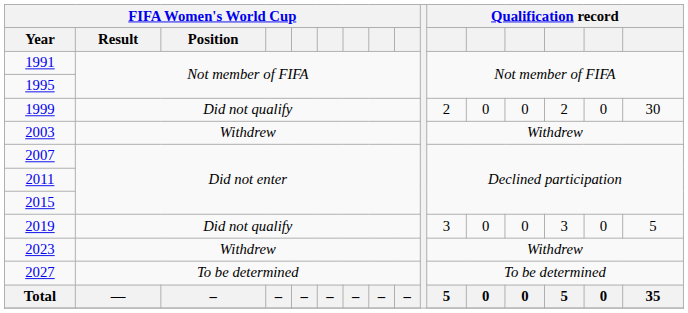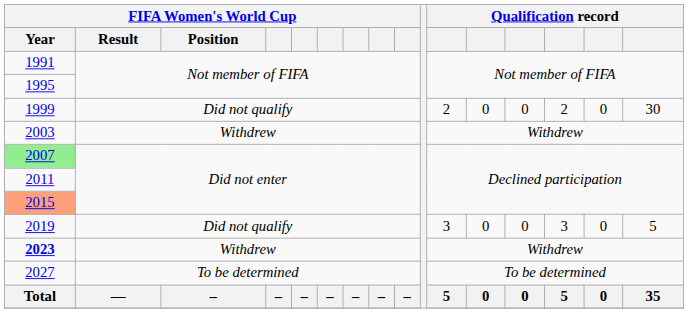 <table class="wikitable" style="text-align:center;">
 <tr>
 <th colspan="9"><a href='#'>FIFA Women's World Cup</a></th>
 <th width=1% rowspan=26></th>
 <th colspan="6"><a href='#'>Qualification</a> record</th>
 </tr>
 <tr>
 <th>Year</th>
 <th>Result</th>
 <th>Position</th>
 <th></th>
 <th></th>
 <th></th>
 <th></th>
 <th></th>
 <th></th>
 <th></th>
 <th></th>
 <th></th>
 <th></th>
 <th></th>
 <th></th>
 </tr>
 <tr>
 <td> <a href='#'>1991</a></td>
 <td rowspan="2" colspan="8"><em>Not member of FIFA</em></td>
 <td rowspan="2" colspan="6"><em>Not member of FIFA</em></td>
 </tr>
 <tr>
 <td> <a href='#'>1995</a></td>
 </tr>
 <tr>
 <td> <a href='#'>1999</a></td>
 <td colspan="8"><em>Did not qualify</em></td>
 <td>2</td>
 <td>0</td>
 <td>0</td>
 <td>2</td>
 <td>0</td>
 <td>30</td>
 </tr>
 <tr>
 <td> <a href='#'>2003</a></td>
 <td colspan="8"><em>Withdrew</em></td>
 <td colspan=6><em>Withdrew</em></td>
 </tr>
 <tr>
-<td> <a href='#'>2007</a></td>
+<td style="background: lightgreen;"> <a href='#'>2007</a></td>
 <td rowspan="3" colspan="8"><em>Did not enter</em></td>
 <td rowspan="3" colspan="6"><em>Declined participation</em></td>
 </tr>
 <tr>
 <td> <a href='#'>2011</a></td>
 </tr>
 <tr>
-<td> <a href='#'>2015</a></td>
+<td style="background: lightsalmon;"> <a href='#'>2015</a></td>
 </tr>
 <tr>
 <td> <a href='#'>2019</a></td>
 <td colspan="8"><em>Did not qualify</em></td>
 <td>3</td>
 <td>0</td>
 <td>0</td>
 <td>3</td>
 <td>0</td>
 <td>5</td>
 </tr>
 <tr>
-<td> <a href='#'>2023</a></td>
+<td><strong> <a href='#'>2023</a></strong></td>
 <td colspan="8"><em>Withdrew</em></td>
 <td colspan=6><em>Withdrew</em></td>
 </tr>
 <tr>
 <td> <a href='#'>2027</a></td>
 <td colspan="8"><em>To be determined</em></td>
 <td colspan=7><em>To be determined</em></td>
 </tr>
 <tr>
 <th>Total</th>
 <th>—</th>
 <th>–</th>
 <th>–</th>
 <th>–</th>
 <th>–</th>
 <th>–</th>
 <th>–</th>
 <th>–</th>
 <th>5</th>
 <th>0</th>
 <th>0</th>
 <th>5</th>
 <th>0</th>
 <th>35</th>
 </tr>
 <tr>
 </tr>
 </table>
